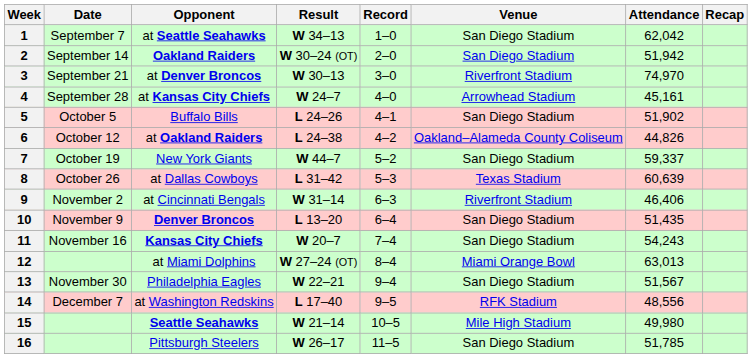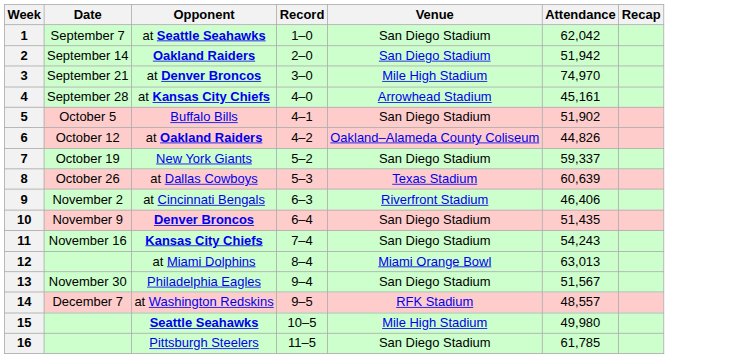 <table class="wikitable" style="text-align:center">
 <tr>
 <th>Week</th>
 <th>Date</th>
 <th>Opponent</th>
-<th>Result</th>
 <th>Record</th>
 <th>Venue</th>
 <th>Attendance</th>
 <th>Recap</th>
 </tr>
 <tr style="background:#cfc">
 <th>1</th>
 <td>September 7</td>
 <td>at <strong><a href='#'>Seattle Seahawks</a></strong></td>
-<td><strong>W</strong> 34–13</td>
 <td>1–0</td>
 <td>San Diego Stadium</td>
 <td>62,042</td>
 <td></td>
 </tr>
 <tr style="background:#cfc">
 <th>2</th>
 <td>September 14</td>
 <td><strong><a href='#'>Oakland Raiders</a></strong></td>
-<td><strong>W</strong> 30–24 <small>(OT)</small></td>
 <td>2–0</td>
 <td><a href='#'>San Diego Stadium</a></td>
 <td>51,942</td>
 <td></td>
 </tr>
 <tr style="background:#cfc">
 <th>3</th>
 <td>September 21</td>
 <td>at <strong><a href='#'>Denver Broncos</a></strong></td>
-<td><strong>W</strong> 30–13</td>
 <td>3–0</td>
-<td><a href='#'>Riverfront Stadium</a></td>
+<td><a href='#'>Mile High Stadium</a></td>
 <td>74,970</td>
 <td></td>
 </tr>
 <tr style="background:#cfc">
 <th>4</th>
 <td>September 28</td>
 <td>at <strong><a href='#'>Kansas City Chiefs</a></strong></td>
-<td><strong>W</strong> 24–7</td>
 <td>4–0</td>
 <td><a href='#'>Arrowhead Stadium</a></td>
 <td>45,161</td>
 <td></td>
 </tr>
 <tr style="background:#fcc">
 <th>5</th>
 <td>October 5</td>
 <td><a href='#'>Buffalo Bills</a></td>
-<td><strong>L</strong> 24–26</td>
 <td>4–1</td>
 <td>San Diego Stadium</td>
 <td>51,902</td>
 <td></td>
 </tr>
 <tr style="background:#fcc">
 <th>6</th>
 <td>October 12</td>
 <td>at <strong><a href='#'>Oakland Raiders</a></strong></td>
-<td><strong>L</strong> 24–38</td>
 <td>4–2</td>
 <td><a href='#'>Oakland–Alameda County Coliseum</a></td>
 <td>44,826</td>
 <td></td>
 </tr>
 <tr style="background:#cfc">
 <th>7</th>
 <td>October 19</td>
 <td><a href='#'>New York Giants</a></td>
-<td><strong>W</strong> 44–7</td>
 <td>5–2</td>
 <td>San Diego Stadium</td>
 <td>59,337</td>
 <td></td>
 </tr>
 <tr style="background:#fcc">
 <th>8</th>
 <td>October 26</td>
 <td>at <a href='#'>Dallas Cowboys</a></td>
-<td><strong>L</strong> 31–42</td>
 <td>5–3</td>
 <td><a href='#'>Texas Stadium</a></td>
 <td>60,639</td>
 <td></td>
 </tr>
 <tr style="background:#cfc">
 <th>9</th>
 <td>November 2</td>
 <td>at <a href='#'>Cincinnati Bengals</a></td>
-<td><strong>W</strong> 31–14</td>
 <td>6–3</td>
 <td><a href='#'>Riverfront Stadium</a></td>
 <td>46,406</td>
 <td></td>
 </tr>
 <tr style="background:#fcc">
 <th>10</th>
 <td>November 9</td>
 <td><strong><a href='#'>Denver Broncos</a></strong></td>
-<td><strong>L</strong> 13–20</td>
 <td>6–4</td>
 <td>San Diego Stadium</td>
 <td>51,435</td>
 <td></td>
 </tr>
 <tr style="background:#cfc">
 <th>11</th>
 <td>November 16</td>
 <td><strong><a href='#'>Kansas City Chiefs</a></strong></td>
-<td><strong>W</strong> 20–7</td>
 <td>7–4</td>
 <td>San Diego Stadium</td>
 <td>54,243</td>
 <td></td>
 </tr>
 <tr style="background:#cfc">
 <th>12</th>
 <td></td>
 <td>at <a href='#'>Miami Dolphins</a></td>
-<td><strong>W</strong> 27–24 <small>(OT)</small></td>
 <td>8–4</td>
 <td><a href='#'>Miami Orange Bowl</a></td>
 <td>63,013</td>
 <td></td>
 </tr>
 <tr style="background:#cfc">
 <th>13</th>
 <td>November 30</td>
 <td><a href='#'>Philadelphia Eagles</a></td>
-<td><strong>W</strong> 22–21</td>
 <td>9–4</td>
 <td>San Diego Stadium</td>
 <td>51,567</td>
 <td></td>
 </tr>
 <tr style="background:#fcc">
 <th>14</th>
 <td>December 7</td>
 <td>at <a href='#'>Washington Redskins</a></td>
-<td><strong>L</strong> 17–40</td>
 <td>9–5</td>
 <td><a href='#'>RFK Stadium</a></td>
-<td>48,556</td>
+<td>48,557</td>
 <td></td>
 </tr>
 <tr style="background:#cfc">
 <th>15</th>
 <td></td>
 <td><strong><a href='#'>Seattle Seahawks</a></strong></td>
-<td><strong>W</strong> 21–14</td>
 <td>10–5</td>
 <td><a href='#'>Mile High Stadium</a></td>
 <td>49,980</td>
 <td></td>
 </tr>
 <tr style="background:#cfc">
 <th>16</th>
 <td></td>
 <td><a href='#'>Pittsburgh Steelers</a></td>
-<td><strong>W</strong> 26–17</td>
 <td>11–5</td>
 <td>San Diego Stadium</td>
-<td>51,785</td>
+<td>61,785</td>
 <td></td>
 </tr>
 </table>
